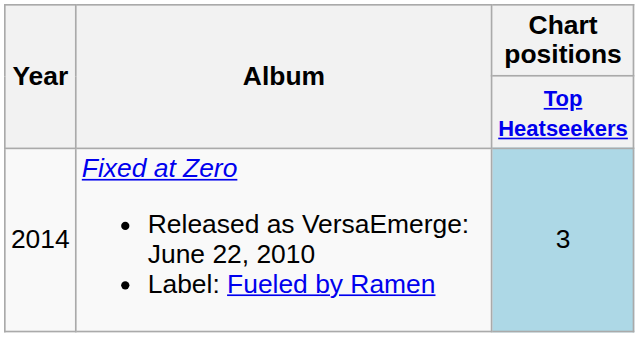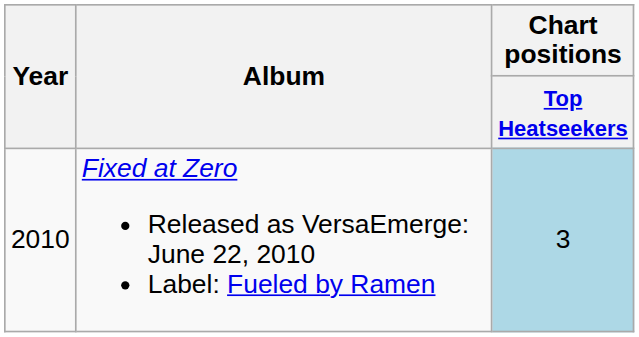 <table class="wikitable">
 <tr>
 <th style="width:18px;" rowspan="2">Year</th>
 <th style="width:245px;" rowspan="2">Album</th>
 <th colspan="2">Chart positions</th>
 </tr>
 <tr>
 <th style="width:50px;"><small><a href='#'>Top Heatseekers</a></small></th>
 </tr>
 <tr>
-<td>2014</td>
+<td>2010</td>
 <td><em><a href='#'>Fixed at Zero</a></em><br><ul><li>Released as VersaEmerge: June 22, 2010</li><li>Label: <a href='#'>Fueled by Ramen</a></li></ul></td>
 <td style="background: lightblue; text-align:center;">3</td>
 </tr>
 </table>
